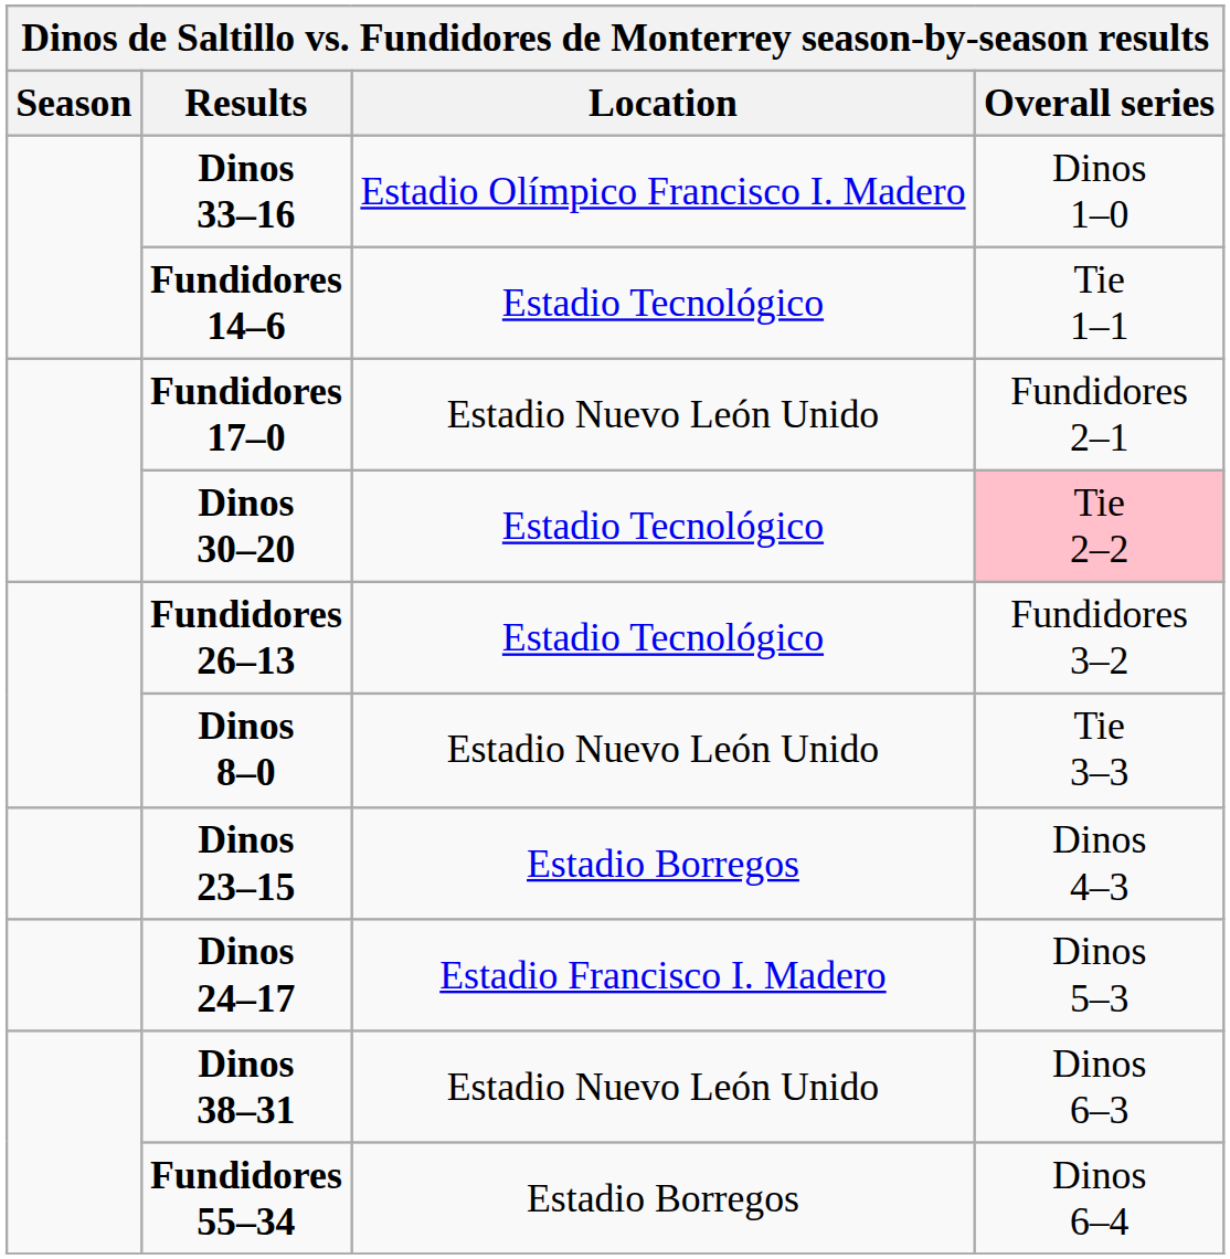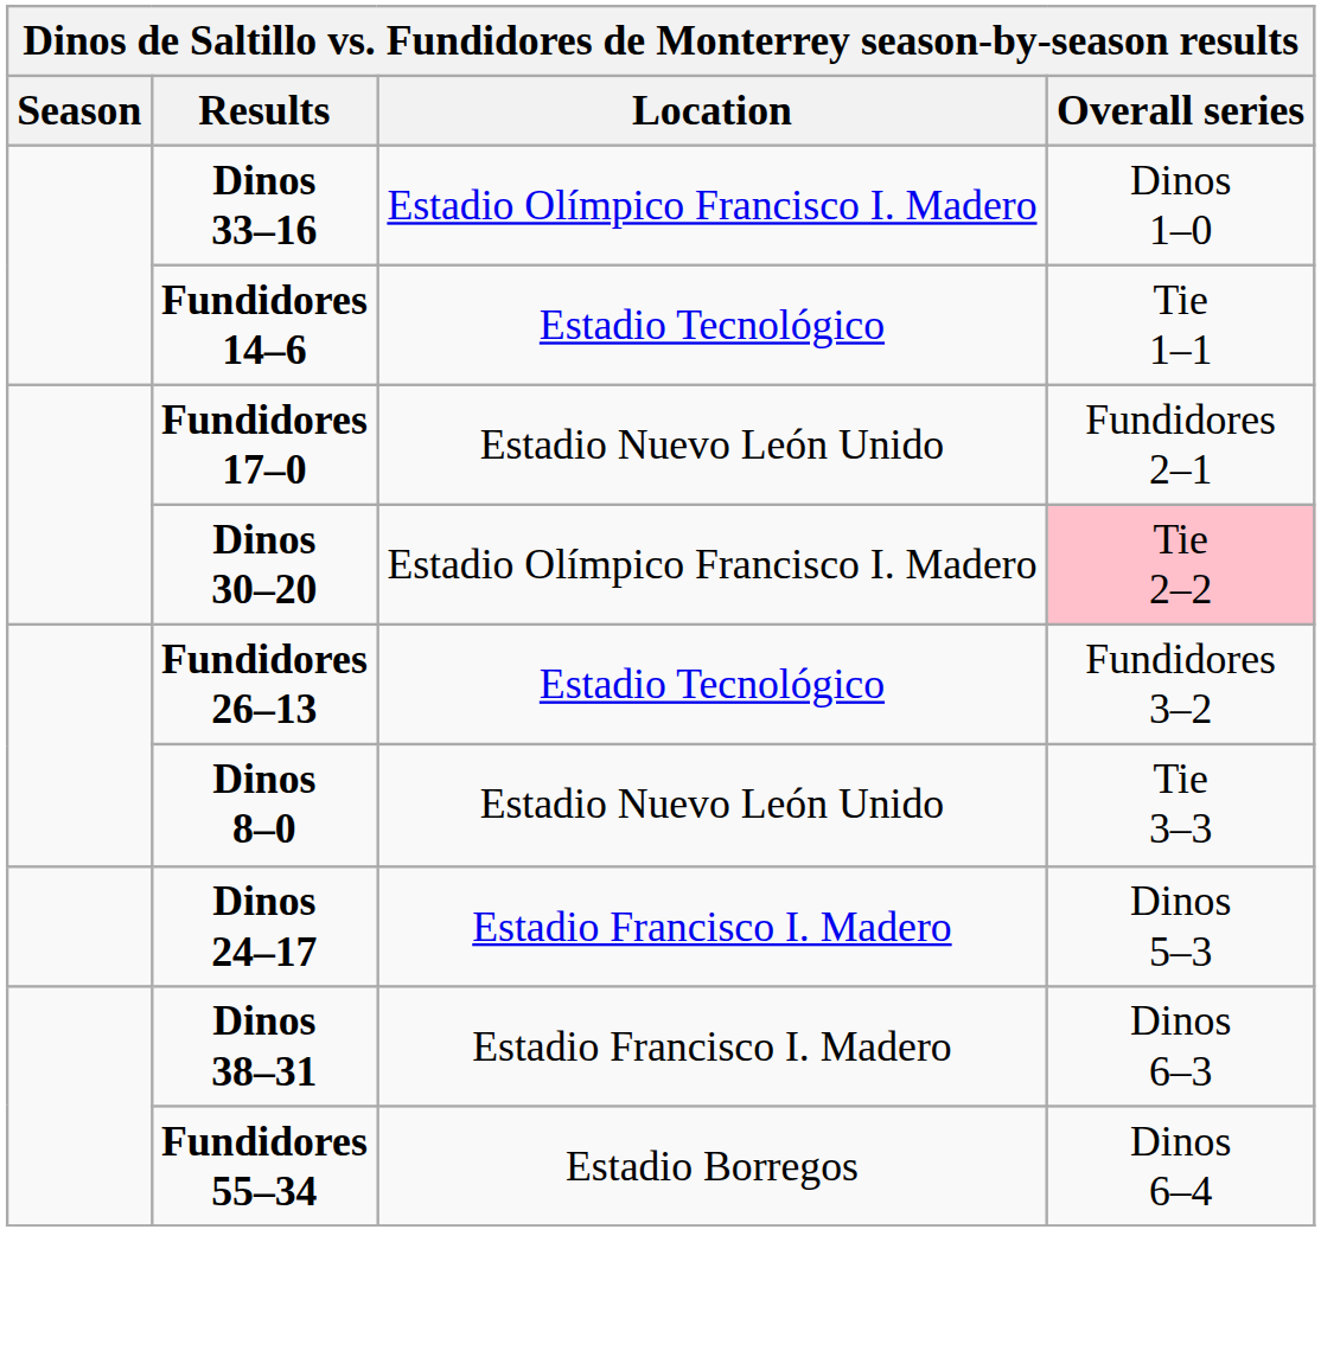 <table class="wikitable mw-collapsible mw-collapsed" style="text-align:center; font-size:95%; margin:auto;">
 <tr>
 <th colspan="4">Dinos de Saltillo vs. Fundidores de Monterrey season-by-season results</th>
 </tr>
 <tr>
 <th>Season</th>
 <th>Results</th>
 <th>Location</th>
 <th>Overall series</th>
 </tr>
 <tr>
 <td rowspan=2></td>
 <td><strong>Dinos <br> 33–16</strong></td>
 <td><a href='#'>Estadio Olímpico Francisco I. Madero</a></td>
 <td>Dinos <br> 1–0</td>
 </tr>
 <tr>
 <td><strong>Fundidores <br> 14–6</strong></td>
 <td><a href='#'>Estadio Tecnológico</a></td>
 <td>Tie <br> 1–1</td>
 </tr>
 <tr>
 <td rowspan=2></td>
 <td><strong>Fundidores <br> 17–0</strong></td>
 <td>Estadio Nuevo León Unido</td>
 <td>Fundidores <br> 2–1</td>
 </tr>
 <tr>
 <td><strong>Dinos <br> 30–20</strong></td>
-<td><a href='#'>Estadio Tecnológico</a></td>
+<td>Estadio Olímpico Francisco I. Madero</td>
 <td style="background: pink;">Tie <br> 2–2</td>
 </tr>
 <tr>
 <td rowspan=2></td>
 <td><strong>Fundidores <br> 26–13</strong></td>
 <td><a href='#'>Estadio Tecnológico</a></td>
 <td>Fundidores <br> 3–2</td>
 </tr>
 <tr>
 <td><strong>Dinos <br> 8–0</strong></td>
 <td>Estadio Nuevo León Unido</td>
 <td>Tie <br> 3–3</td>
 </tr>
 <tr>
 <td></td>
-<td><strong>Dinos <br> 23–15</strong></td>
-<td><a href='#'>Estadio Borregos</a></td>
-<td>Dinos <br> 4–3</td>
-</tr>
-<tr>
-<td></td>
 <td><strong>Dinos <br> 24–17</strong></td>
 <td><a href='#'>Estadio Francisco I. Madero</a></td>
 <td>Dinos <br> 5–3</td>
 </tr>
 <tr>
 <td rowspan=2></td>
 <td><strong>Dinos <br> 38–31</strong></td>
-<td>Estadio Nuevo León Unido</td>
+<td>Estadio Francisco I. Madero</td>
 <td>Dinos <br> 6–3</td>
 </tr>
 <tr>
 <td><strong>Fundidores <br> 55–34</strong></td>
 <td>Estadio Borregos</td>
 <td>Dinos <br> 6–4</td>
 </tr>
 <tr>
 </tr>
 </table>
